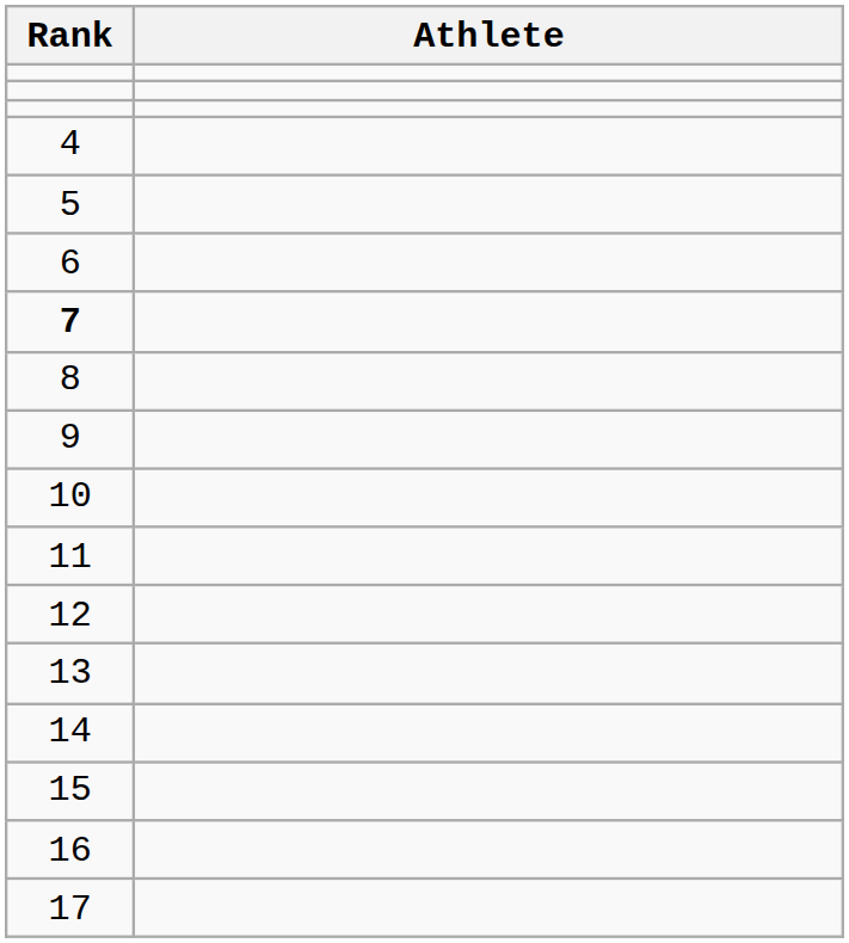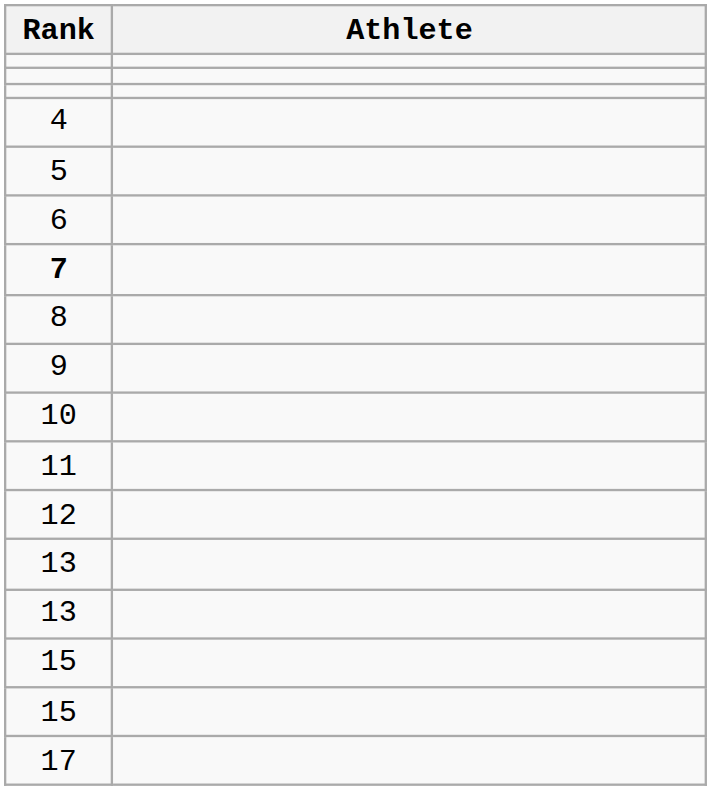 <table class="wikitable" style="text-align: center;">
 <tr>
 <th width=40>Rank</th>
 <th width=250>Athlete</th>
 </tr>
 <tr>
 <td></td>
 <td align=left></td>
 </tr>
 <tr>
 <td></td>
 <td align=left></td>
 </tr>
 <tr>
 <td></td>
 <td align=left></td>
 </tr>
 <tr>
 <td>4</td>
 <td align=left></td>
 </tr>
 <tr>
 <td>5</td>
 <td align=left></td>
 </tr>
 <tr>
 <td>6</td>
 <td align=left></td>
 </tr>
 <tr>
 <td><strong>7</strong></td>
 <td align=left></td>
 </tr>
 <tr>
 <td>8</td>
 <td align=left></td>
 </tr>
 <tr>
 <td>9</td>
 <td align=left></td>
 </tr>
 <tr>
 <td>10</td>
 <td align=left></td>
 </tr>
 <tr>
 <td>11</td>
 <td align=left></td>
 </tr>
 <tr>
 <td>12</td>
 <td align=left></td>
 </tr>
 <tr>
 <td>13</td>
 <td align=left></td>
 </tr>
 <tr>
-<td>14</td>
+<td>13</td>
 <td align=left></td>
 </tr>
 <tr>
 <td>15</td>
 <td align=left></td>
 </tr>
 <tr>
-<td>16</td>
+<td>15</td>
 <td align=left></td>
 </tr>
 <tr>
 <td>17</td>
 <td align=left></td>
 </tr>
 </table>
